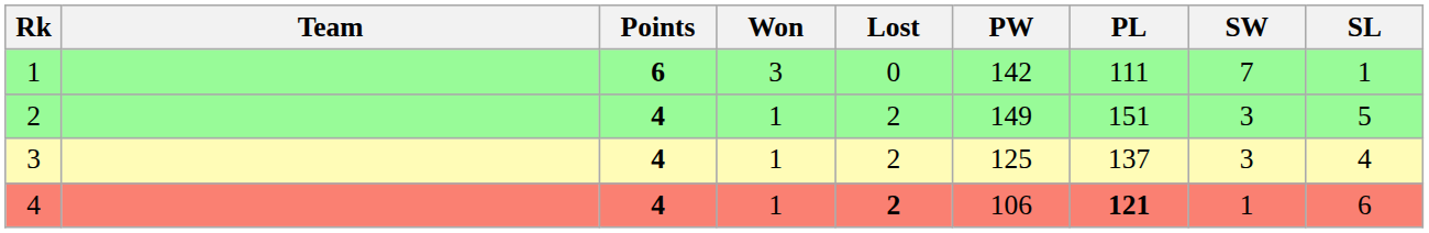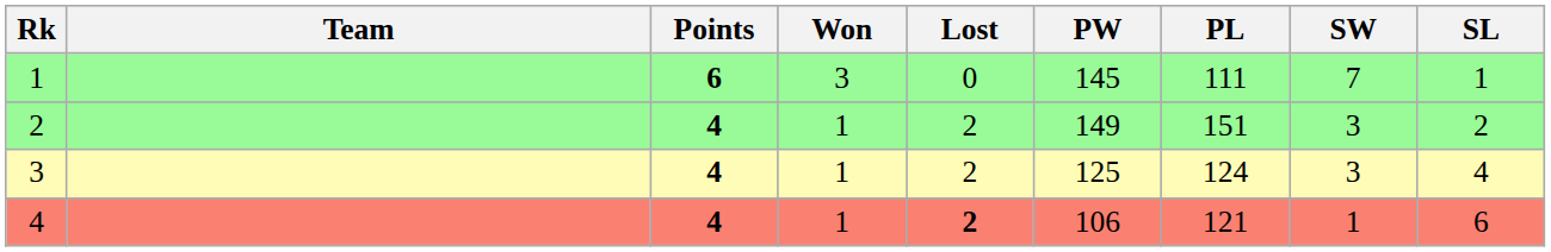 <table class=wikitable style=text-align:center>
 <tr>
 <th width=25>Rk</th>
 <th width=300>Team</th>
 <th width=60>Points</th>
 <th width=60>Won</th>
 <th width=60>Lost</th>
 <th width=60>PW</th>
 <th width=60>PL</th>
 <th width=60>SW</th>
 <th width=60>SL</th>
 </tr>
 <tr style="background: #98fb98">
 <td>1</td>
 <td align=left></td>
 <td><strong>6</strong></td>
 <td>3</td>
 <td>0</td>
-<td>142</td>
+<td>145</td>
 <td>111</td>
 <td>7</td>
 <td>1</td>
 </tr>
 <tr style="background: #98fb98">
 <td>2</td>
 <td align=left></td>
 <td><strong>4</strong></td>
 <td>1</td>
 <td>2</td>
 <td>149</td>
 <td>151</td>
 <td>3</td>
-<td>5</td>
+<td>2</td>
 </tr>
 <tr style="background: #fffcb7">
 <td>3</td>
 <td align=left></td>
 <td><strong>4</strong></td>
 <td>1</td>
 <td>2</td>
 <td>125</td>
-<td>137</td>
+<td>124</td>
 <td>3</td>
 <td>4</td>
 </tr>
 <tr style="background: salmon">
 <td>4</td>
 <td align=left></td>
 <td><strong>4</strong></td>
 <td>1</td>
 <td><strong>2</strong></td>
 <td>106</td>
-<td><strong>121</strong></td>
+<td>121</td>
 <td>1</td>
 <td>6</td>
 </tr>
 </table>
